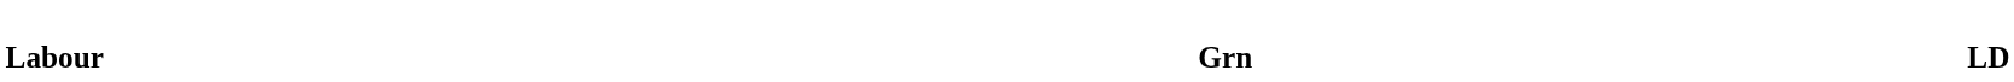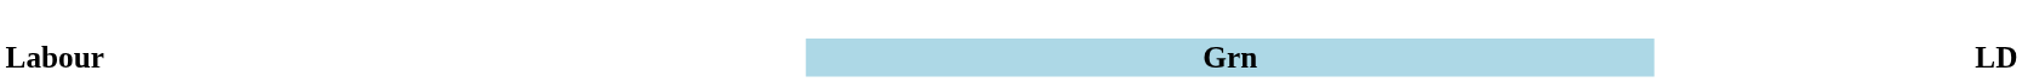 <table style="width:100%; text-align:center;">
 <tr style="color:white;">
 <td style="background:"><strong>88</strong></td>
 <td style="background:"><strong>4</strong></td>
 <td style="background:"><strong>4</strong></td>
 </tr>
 <tr>
 <td><span><strong>Labour</strong></span></td>
-<td><span><strong>Grn</strong></span></td>
+<td style="background: lightblue;"><span><strong>Grn</strong></span></td>
 <td><span><strong>LD</strong></span></td>
 </tr>
 </table>
